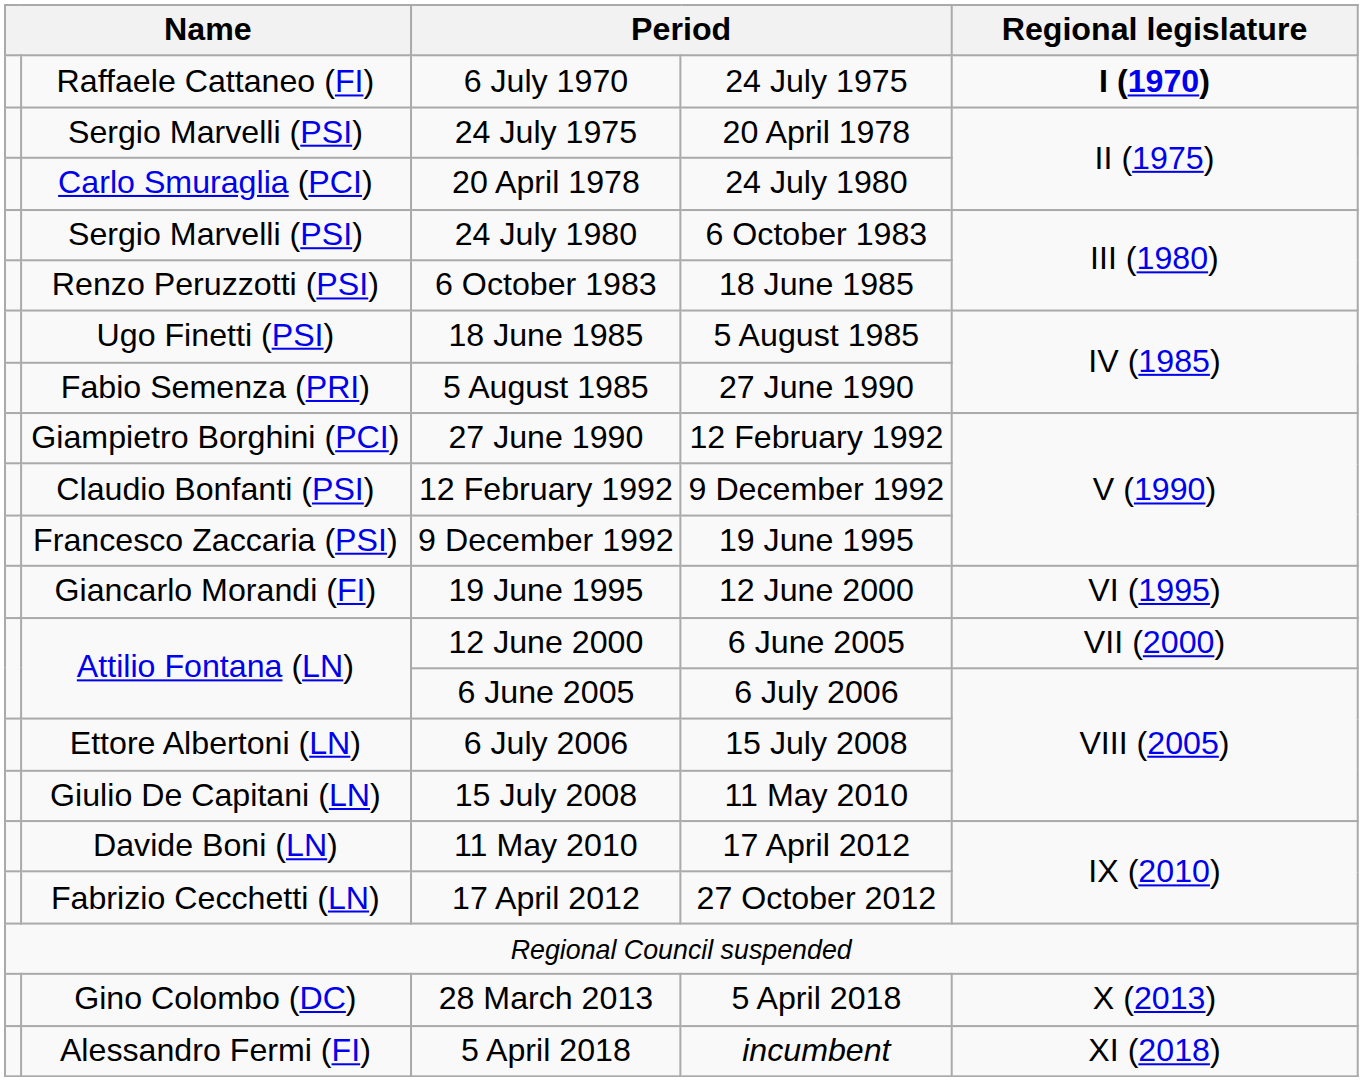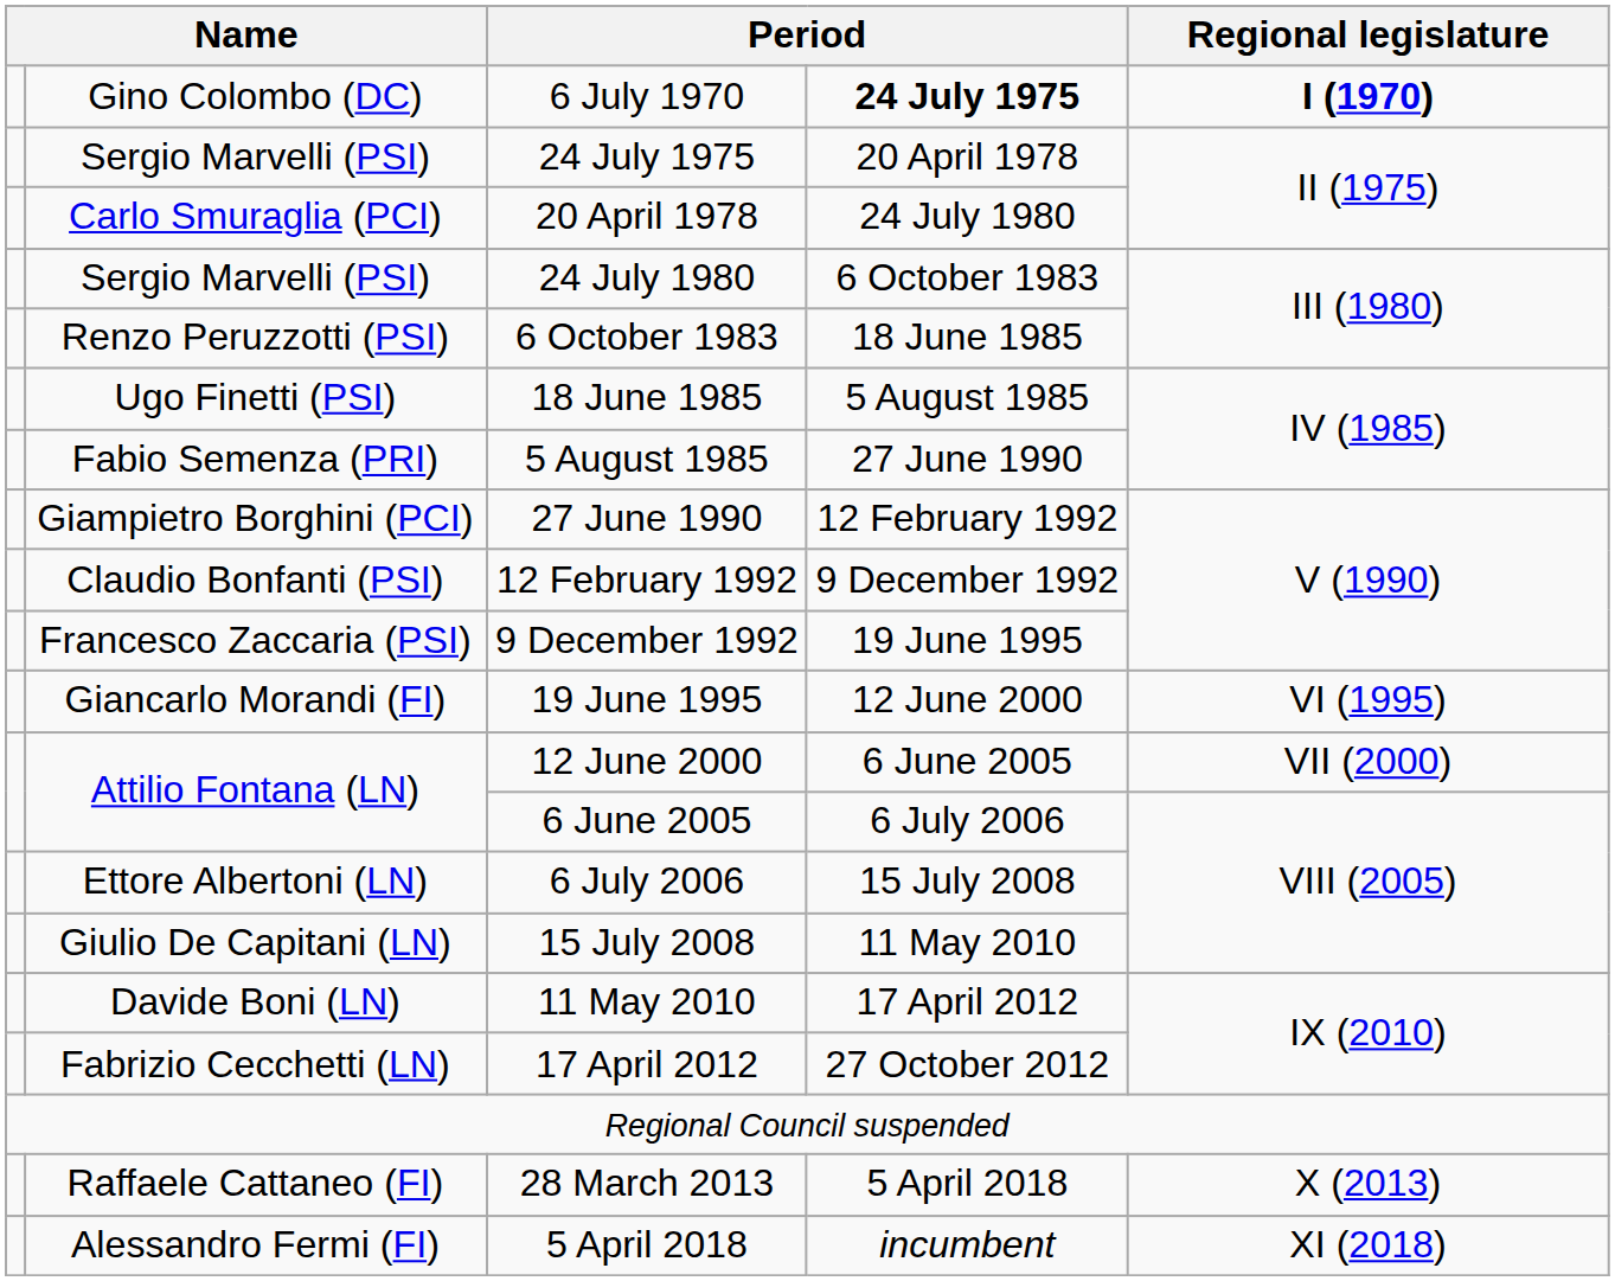 <table class="wikitable">
 <tr>
 <th width="30%" colspan=2>Name</th>
 <th width="40%" colspan=2>Period</th>
 <th width="30%">Regional legislature</th>
 </tr>
 <tr align=center>
 <td style="background:"></td>
-<td>Raffaele Cattaneo (<a href='#'>FI</a>)</td>
+<td>Gino Colombo (<a href='#'>DC</a>)</td>
 <td>6 July 1970</td>
-<td>24 July 1975</td>
+<td><strong>24 July 1975</strong></td>
 <td><strong>I (<a href='#'>1970</a>)</strong></td>
 </tr>
 <tr align=center>
 <td style="background:"></td>
 <td>Sergio Marvelli (<a href='#'>PSI</a>)</td>
 <td>24 July 1975</td>
 <td>20 April 1978</td>
 <td rowspan=2>II (<a href='#'>1975</a>)</td>
 </tr>
 <tr align=center>
 <td style="background:"></td>
 <td><a href='#'>Carlo Smuraglia</a> (<a href='#'>PCI</a>)</td>
 <td>20 April 1978</td>
 <td>24 July 1980</td>
 </tr>
 <tr align=center>
 <td style="background:"></td>
 <td>Sergio Marvelli (<a href='#'>PSI</a>)</td>
 <td>24 July 1980</td>
 <td>6 October 1983</td>
 <td rowspan=2>III (<a href='#'>1980</a>)</td>
 </tr>
 <tr align=center>
 <td style="background:"></td>
 <td>Renzo Peruzzotti (<a href='#'>PSI</a>)</td>
 <td>6 October 1983</td>
 <td>18 June 1985</td>
 </tr>
 <tr align=center>
 <td style="background:"></td>
 <td>Ugo Finetti (<a href='#'>PSI</a>)</td>
 <td>18 June 1985</td>
 <td>5 August 1985</td>
 <td rowspan=2>IV (<a href='#'>1985</a>)</td>
 </tr>
 <tr align=center>
 <td style="background:"></td>
 <td>Fabio Semenza (<a href='#'>PRI</a>)</td>
 <td>5 August 1985</td>
 <td>27 June 1990</td>
 </tr>
 <tr align=center>
 <td style="background:"></td>
 <td>Giampietro Borghini (<a href='#'>PCI</a>)</td>
 <td>27 June 1990</td>
 <td>12 February 1992</td>
 <td rowspan=3>V (<a href='#'>1990</a>)</td>
 </tr>
 <tr align=center>
 <td style="background:"></td>
 <td>Claudio Bonfanti (<a href='#'>PSI</a>)</td>
 <td>12 February 1992</td>
 <td>9 December 1992</td>
 </tr>
 <tr align=center>
 <td style="background:"></td>
 <td>Francesco Zaccaria (<a href='#'>PSI</a>)</td>
 <td>9 December 1992</td>
 <td>19 June 1995</td>
 </tr>
 <tr align=center>
 <td style="background:"></td>
 <td>Giancarlo Morandi (<a href='#'>FI</a>)</td>
 <td>19 June 1995</td>
 <td>12 June 2000</td>
 <td>VI (<a href='#'>1995</a>)</td>
 </tr>
 <tr align=center>
 <td rowspan="2" style="background:"></td>
 <td rowspan="2"><a href='#'>Attilio Fontana</a> (<a href='#'>LN</a>)</td>
 <td>12 June 2000</td>
 <td>6 June 2005</td>
 <td>VII (<a href='#'>2000</a>)</td>
 </tr>
 <tr align=center>
 <td>6 June 2005</td>
 <td>6 July 2006</td>
 <td rowspan="3">VIII (<a href='#'>2005</a>)</td>
 </tr>
 <tr align=center>
 <td style="background:"></td>
 <td>Ettore Albertoni (<a href='#'>LN</a>)</td>
 <td>6 July 2006</td>
 <td>15 July 2008</td>
 </tr>
 <tr align=center>
 <td style="background:"></td>
 <td>Giulio De Capitani (<a href='#'>LN</a>)</td>
 <td>15 July 2008</td>
 <td>11 May 2010</td>
 </tr>
 <tr align=center>
 <td style="background:"></td>
 <td>Davide Boni (<a href='#'>LN</a>)</td>
 <td>11 May 2010</td>
 <td>17 April 2012</td>
 <td rowspan="2">IX (<a href='#'>2010</a>)</td>
 </tr>
 <tr align=center>
 <td style="background:"></td>
 <td>Fabrizio Cecchetti (<a href='#'>LN</a>)</td>
 <td>17 April 2012</td>
 <td>27 October 2012</td>
 </tr>
 <tr align=center>
 <td colspan=5><small><em>Regional Council suspended</em></small></td>
 </tr>
 <tr align=center>
 <td style="background:"></td>
-<td>Gino Colombo (<a href='#'>DC</a>)</td>
+<td>Raffaele Cattaneo (<a href='#'>FI</a>)</td>
 <td>28 March 2013</td>
 <td>5 April 2018</td>
 <td>X (<a href='#'>2013</a>)</td>
 </tr>
 <tr align=center>
 <td style="background:"></td>
 <td>Alessandro Fermi (<a href='#'>FI</a>)</td>
 <td>5 April 2018</td>
 <td><em>incumbent</em></td>
 <td>XI (<a href='#'>2018</a>)</td>
 </tr>
 </table>
